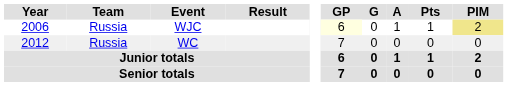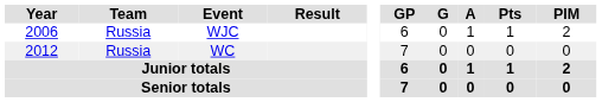 <table border="0" cellpadding="1" cellspacing="0" style="text-align:center; width:40em">
 <tr ALIGN="center" bgcolor="#e0e0e0">
 <th>Year</th>
 <th>Team</th>
 <th>Event</th>
 <th>Result</th>
 <th rowspan="99" bgcolor="#ffffff"> </th>
 <th>GP</th>
 <th>G</th>
 <th>A</th>
 <th>Pts</th>
 <th>PIM</th>
 </tr>
 <tr ALIGN="center">
 <td><a href='#'>2006</a></td>
 <td><a href='#'>Russia</a></td>
 <td><a href='#'>WJC</a></td>
 <td></td>
-<td style="background: lightyellow;">6</td>
+<td>6</td>
 <td>0</td>
 <td>1</td>
 <td>1</td>
-<td style="background: khaki;">2</td>
+<td>2</td>
 </tr>
 <tr ALIGN="center"  bgcolor="#f0f0f0">
 <td><a href='#'>2012</a></td>
 <td><a href='#'>Russia</a></td>
 <td><a href='#'>WC</a></td>
 <td></td>
 <td>7</td>
 <td>0</td>
 <td>0</td>
 <td>0</td>
 <td>0</td>
 </tr>
 <tr ALIGN="center" bgcolor="#e0e0e0">
 <th colspan=4>Junior totals</th>
 <th>6</th>
 <th>0</th>
 <th>1</th>
 <th>1</th>
 <th>2</th>
 </tr>
 <tr ALIGN="center" bgcolor="#e0e0e0">
 <th colspan=4>Senior totals</th>
 <th>7</th>
 <th>0</th>
 <th>0</th>
 <th>0</th>
 <th>0</th>
 </tr>
 </table>
